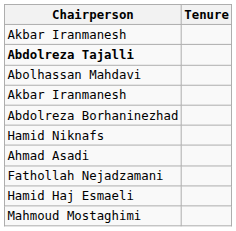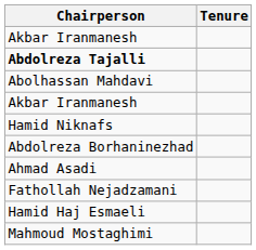 <table class="wikitable" style="text-align: left;">
 <tr>
 <th>Chairperson</th>
 <th>Tenure</th>
 </tr>
 <tr>
 <td> Akbar Iranmanesh</td>
 <td></td>
 </tr>
 <tr>
 <td><strong> Abdolreza Tajalli</strong></td>
 <td></td>
 </tr>
 <tr>
 <td> Abolhassan Mahdavi</td>
 <td></td>
 </tr>
 <tr>
 <td> Akbar Iranmanesh</td>
 <td></td>
 </tr>
 <tr>
-<td> Abdolreza Borhaninezhad</td>
+<td> Hamid Niknafs</td>
 <td></td>
 </tr>
 <tr>
-<td> Hamid Niknafs</td>
+<td> Abdolreza Borhaninezhad</td>
 <td></td>
 </tr>
 <tr>
 <td> Ahmad Asadi</td>
 <td></td>
 </tr>
 <tr>
 <td> Fathollah Nejadzamani</td>
 <td></td>
 </tr>
 <tr>
 <td> Hamid Haj Esmaeli</td>
 <td></td>
 </tr>
 <tr>
 <td> Mahmoud Mostaghimi</td>
 <td></td>
 </tr>
 </table>
